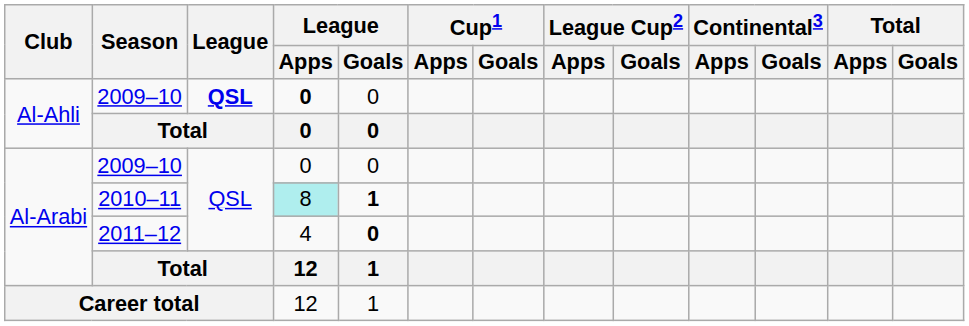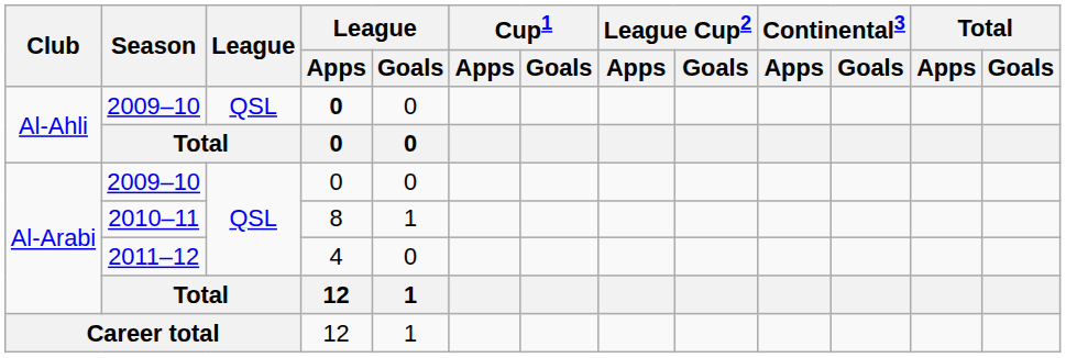 <table class="wikitable" style="font-size:90%; text-align:center;">
 <tr>
 <th rowspan="2">Club</th>
 <th rowspan="2">Season</th>
 <th rowspan="2">League</th>
 <th colspan="2">League</th>
 <th colspan="2">Cup<sup><a href='#'>1</a></sup></th>
 <th colspan="2">League Cup<sup><a href='#'>2</a></sup></th>
 <th colspan="2">Continental<sup><a href='#'>3</a></sup></th>
 <th colspan="2">Total</th>
 </tr>
 <tr>
 <th>Apps</th>
 <th>Goals</th>
 <th>Apps</th>
 <th>Goals</th>
 <th>Apps</th>
 <th>Goals</th>
 <th>Apps</th>
 <th>Goals</th>
 <th>Apps</th>
 <th>Goals</th>
 </tr>
 <tr>
 <td rowspan="2"><a href='#'>Al-Ahli</a></td>
 <td><a href='#'>2009–10</a></td>
-<td><strong><a href='#'>QSL</a></strong></td>
+<td><a href='#'>QSL</a></td>
 <td><strong>0</strong></td>
 <td>0</td>
 <td></td>
 <td></td>
 <td></td>
 <td></td>
 <td></td>
 <td></td>
 <td></td>
 <td></td>
 </tr>
 <tr>
 <th colspan="2">Total</th>
 <th>0</th>
 <th>0</th>
 <th></th>
 <th></th>
 <th></th>
 <th></th>
 <th></th>
 <th></th>
 <th></th>
 <th></th>
 </tr>
 <tr>
 <td rowspan="4"><a href='#'>Al-Arabi</a></td>
 <td><a href='#'>2009–10</a></td>
 <td rowspan="3" valign="center"><a href='#'>QSL</a></td>
 <td>0</td>
 <td>0</td>
 <td></td>
 <td></td>
 <td></td>
 <td></td>
 <td></td>
 <td></td>
 <td></td>
 <td></td>
 </tr>
 <tr>
 <td><a href='#'>2010–11</a></td>
-<td style="background: paleturquoise;">8</td>
-<td><strong>1</strong></td>
+<td>8</td>
+<td>1</td>
 <td></td>
 <td></td>
 <td></td>
 <td></td>
 <td></td>
 <td></td>
 <td></td>
 <td></td>
 </tr>
 <tr>
 <td><a href='#'>2011–12</a></td>
 <td>4</td>
-<td><strong>0</strong></td>
+<td>0</td>
 <td></td>
 <td></td>
 <td></td>
 <td></td>
 <td></td>
 <td></td>
 <td></td>
 <td></td>
 </tr>
 <tr>
 <th colspan="2">Total</th>
 <th>12</th>
 <th>1</th>
 <th></th>
 <th></th>
 <th></th>
 <th></th>
 <th></th>
 <th></th>
 <th></th>
 <th></th>
 </tr>
 <tr>
 <th colspan="3">Career total</th>
 <td>12</td>
 <td>1</td>
 <td></td>
 <td></td>
 <td></td>
 <td></td>
 <td></td>
 <td></td>
 <td></td>
 <td></td>
 </tr>
 </table>
